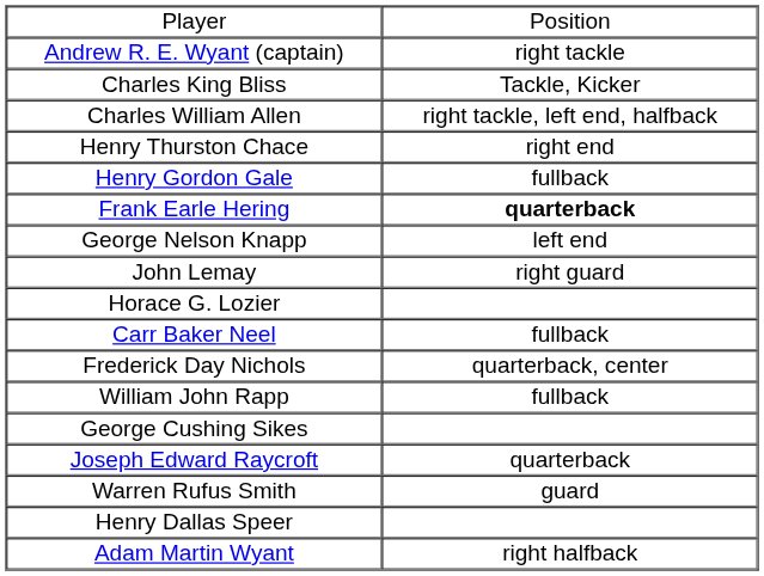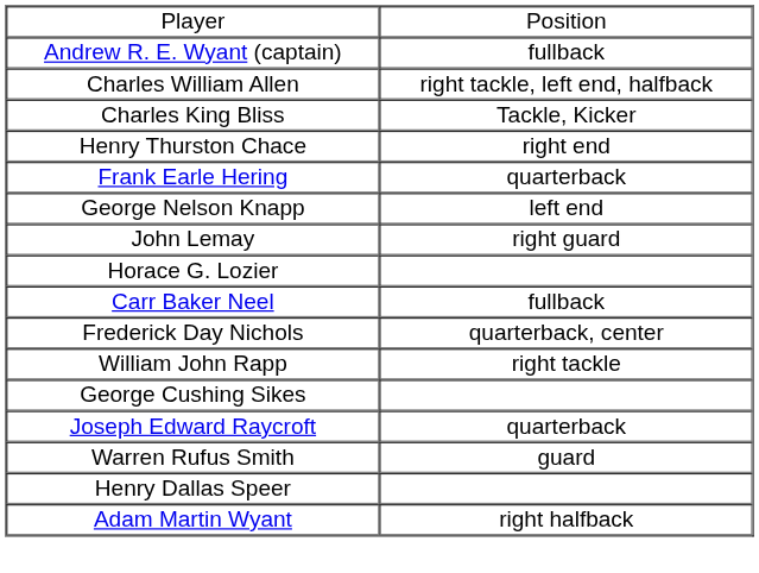 <table cellpadding="1" border="1" cellspacing="0" width="60%" style="text-align:center;">
 <tr>
 <td>Player</td>
 <td>Position</td>
 </tr>
 <tr align="center" bgcolor="">
 <td><a href='#'>Andrew R. E. Wyant</a> (captain)</td>
-<td>right tackle</td>
+<td>fullback</td>
+</tr>
+<tr align="center" bgcolor="">
+<td>Charles William Allen</td>
+<td>right tackle, left end, halfback</td>
 </tr>
 <tr align="center" bgcolor="">
 <td width="250">Charles King Bliss</td>
 <td width="250">Tackle, Kicker</td>
 </tr>
 <tr align="center" bgcolor="">
-<td>Charles William Allen</td>
-<td>right tackle, left end, halfback</td>
-</tr>
-<tr align="center" bgcolor="">
 <td>Henry Thurston Chace</td>
 <td>right end</td>
 </tr>
 <tr align="center" bgcolor="">
-<td><a href='#'>Henry Gordon Gale</a></td>
-<td>fullback</td>
-</tr>
-<tr align="center" bgcolor="">
 <td><a href='#'>Frank Earle Hering</a></td>
-<td><strong>quarterback</strong></td>
+<td>quarterback</td>
 </tr>
 <tr align="center" bgcolor="">
 <td>George Nelson Knapp</td>
 <td>left end</td>
 </tr>
 <tr align="center" bgcolor="">
 <td>John Lemay</td>
 <td>right guard</td>
 </tr>
 <tr align="center" bgcolor="">
 <td>Horace G. Lozier</td>
 <td></td>
 </tr>
 <tr align="center" bgcolor="">
 <td><a href='#'>Carr Baker Neel</a></td>
 <td>fullback</td>
 </tr>
 <tr align="center" bgcolor="">
 <td>Frederick Day Nichols</td>
 <td>quarterback, center</td>
 </tr>
 <tr align="center" bgcolor="">
 <td>William John Rapp</td>
-<td>fullback</td>
+<td>right tackle</td>
 </tr>
 <tr align="center" bgcolor="">
 <td>George Cushing Sikes</td>
 <td></td>
 </tr>
 <tr align="center" bgcolor="">
 <td><a href='#'>Joseph Edward Raycroft</a></td>
 <td>quarterback</td>
 </tr>
 <tr align="center" bgcolor="">
 <td>Warren Rufus Smith</td>
 <td>guard</td>
 </tr>
 <tr align="center" bgcolor="">
 <td>Henry Dallas Speer</td>
 <td></td>
 </tr>
 <tr align="center" bgcolor="">
 <td><a href='#'>Adam Martin Wyant</a></td>
 <td>right halfback</td>
 </tr>
 <tr align="center" bgcolor="">
 </tr>
 </table>
